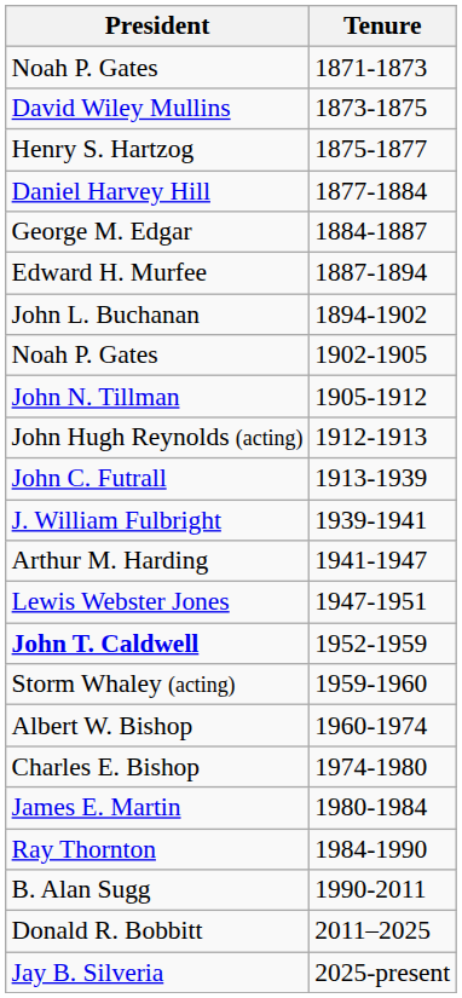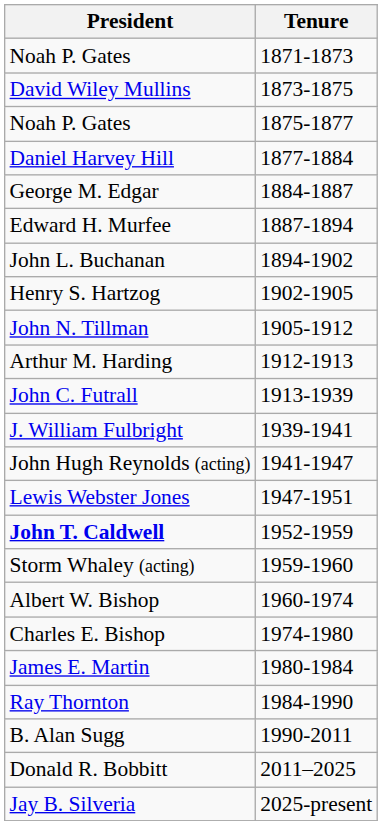 <table class="wikitable">
 <tr>
 <th>President</th>
 <th>Tenure</th>
 </tr>
 <tr>
 <td>Noah P. Gates</td>
 <td>1871-1873</td>
 </tr>
 <tr>
 <td><a href='#'>David Wiley Mullins</a></td>
 <td>1873-1875</td>
 </tr>
 <tr>
-<td>Henry S. Hartzog</td>
+<td>Noah P. Gates</td>
 <td>1875-1877</td>
 </tr>
 <tr>
 <td><a href='#'>Daniel Harvey Hill</a></td>
 <td>1877-1884</td>
 </tr>
 <tr>
 <td>George M. Edgar</td>
 <td>1884-1887</td>
 </tr>
 <tr>
 <td>Edward H. Murfee</td>
 <td>1887-1894</td>
 </tr>
 <tr>
 <td>John L. Buchanan</td>
 <td>1894-1902</td>
 </tr>
 <tr>
-<td>Noah P. Gates</td>
+<td>Henry S. Hartzog</td>
 <td>1902-1905</td>
 </tr>
 <tr>
 <td><a href='#'>John N. Tillman</a></td>
 <td>1905-1912</td>
 </tr>
 <tr>
-<td>John Hugh Reynolds <small>(acting)</small></td>
+<td>Arthur M. Harding</td>
 <td>1912-1913</td>
 </tr>
 <tr>
 <td><a href='#'>John C. Futrall</a></td>
 <td>1913-1939</td>
 </tr>
 <tr>
 <td><a href='#'>J. William Fulbright</a></td>
 <td>1939-1941</td>
 </tr>
 <tr>
-<td>Arthur M. Harding</td>
+<td>John Hugh Reynolds <small>(acting)</small></td>
 <td>1941-1947</td>
 </tr>
 <tr>
 <td><a href='#'>Lewis Webster Jones</a></td>
 <td>1947-1951</td>
 </tr>
 <tr>
 <td><strong><a href='#'>John T. Caldwell</a></strong></td>
 <td>1952-1959</td>
 </tr>
 <tr>
 <td>Storm Whaley <small>(acting)</small></td>
 <td>1959-1960</td>
 </tr>
 <tr>
 <td>Albert W. Bishop</td>
 <td>1960-1974</td>
 </tr>
 <tr>
 <td>Charles E. Bishop</td>
 <td>1974-1980</td>
 </tr>
 <tr>
 <td><a href='#'>James E. Martin</a></td>
 <td>1980-1984</td>
 </tr>
 <tr>
 <td><a href='#'>Ray Thornton</a></td>
 <td>1984-1990</td>
 </tr>
 <tr>
 <td>B. Alan Sugg</td>
 <td>1990-2011</td>
 </tr>
 <tr>
 <td>Donald R. Bobbitt</td>
 <td>2011–2025</td>
 </tr>
 <tr>
 <td><a href='#'>Jay B. Silveria</a></td>
 <td>2025-present</td>
 </tr>
 </table>
